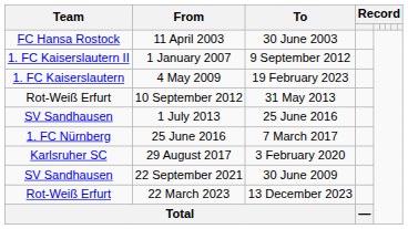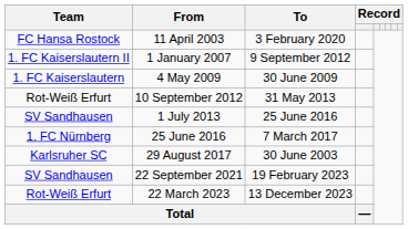 <table class="wikitable" style="text-align: center">
 <tr>
 <th rowspan="2">Team</th>
 <th rowspan="2">From</th>
 <th rowspan="2">To</th>
 <th colspan="6">Record</th>
 </tr>
 <tr>
 <th></th>
 <th></th>
 <th></th>
 <th></th>
 <th></th>
 <th></th>
 </tr>
 <tr>
 <td><a href='#'>FC Hansa Rostock</a></td>
 <td>11 April 2003</td>
-<td>30 June 2003<br></td>
+<td>3 February 2020<br></td>
 <td></td>
 </tr>
 <tr>
 <td><a href='#'>1. FC Kaiserslautern II</a></td>
 <td>1 January 2007</td>
 <td>9 September 2012<br></td>
 <td></td>
 </tr>
 <tr>
 <td><a href='#'>1. FC Kaiserslautern</a></td>
 <td>4 May 2009</td>
-<td>19 February 2023<br></td>
+<td>30 June 2009<br></td>
 <td></td>
 </tr>
 <tr>
 <td>Rot-Weiß Erfurt</td>
 <td>10 September 2012</td>
 <td>31 May 2013<br></td>
 <td></td>
 </tr>
 <tr>
 <td><a href='#'>SV Sandhausen</a></td>
 <td>1 July 2013</td>
 <td>25 June 2016<br></td>
 <td></td>
 </tr>
 <tr>
 <td><a href='#'>1. FC Nürnberg</a></td>
 <td>25 June 2016</td>
 <td>7 March 2017<br></td>
 <td></td>
 </tr>
 <tr>
 <td><a href='#'>Karlsruher SC</a></td>
 <td>29 August 2017</td>
-<td>3 February 2020<br></td>
+<td>30 June 2003<br></td>
 <td></td>
 </tr>
 <tr>
 <td><a href='#'>SV Sandhausen</a></td>
 <td>22 September 2021</td>
-<td>30 June 2009<br></td>
+<td>19 February 2023<br></td>
 <td></td>
 </tr>
 <tr>
 <td><a href='#'>Rot-Weiß Erfurt</a></td>
 <td>22 March 2023</td>
 <td>13 December 2023<br></td>
 <td></td>
 </tr>
 <tr>
 <th colspan="3">Total<br></th>
 <th>—</th>
 </tr>
 </table>
